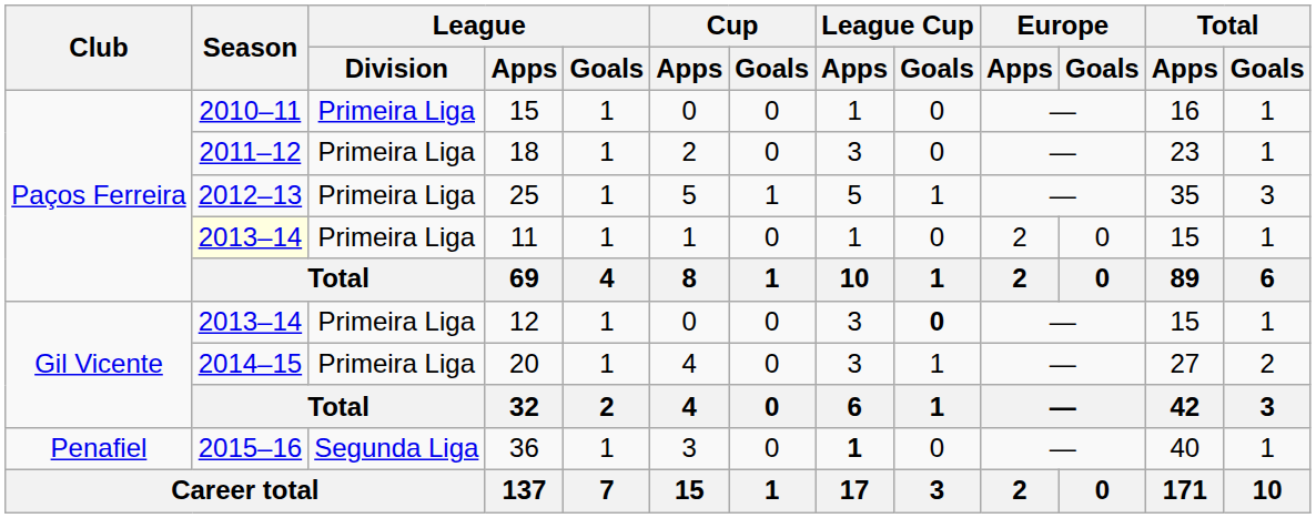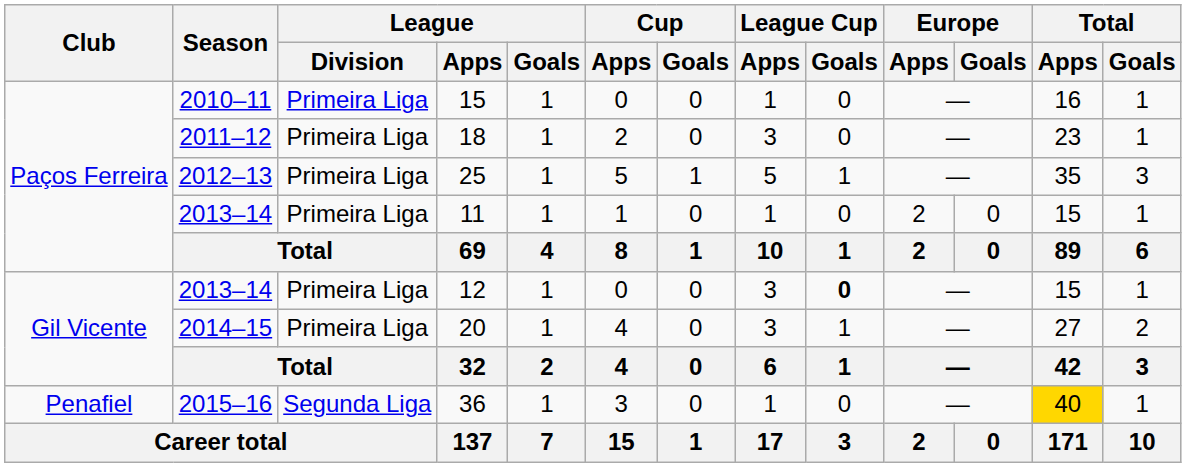 <table class="wikitable" style="text-align:center">
 <tr>
 <th rowspan="2">Club</th>
 <th rowspan="2">Season</th>
 <th colspan="3">League</th>
 <th colspan="2">Cup</th>
 <th colspan="2">League Cup</th>
 <th colspan="2">Europe</th>
 <th colspan="2">Total</th>
 </tr>
 <tr>
 <th>Division</th>
 <th>Apps</th>
 <th>Goals</th>
 <th>Apps</th>
 <th>Goals</th>
 <th>Apps</th>
 <th>Goals</th>
 <th>Apps</th>
 <th>Goals</th>
 <th>Apps</th>
 <th>Goals</th>
 </tr>
 <tr>
 <td rowspan="5"><a href='#'>Paços Ferreira</a></td>
 <td><a href='#'>2010–11</a></td>
 <td><a href='#'>Primeira Liga</a></td>
 <td>15</td>
 <td>1</td>
 <td>0</td>
 <td>0</td>
 <td>1</td>
 <td>0</td>
 <td colspan="2">—</td>
 <td>16</td>
 <td>1</td>
 </tr>
 <tr>
 <td><a href='#'>2011–12</a></td>
 <td>Primeira Liga</td>
 <td>18</td>
 <td>1</td>
 <td>2</td>
 <td>0</td>
 <td>3</td>
 <td>0</td>
 <td colspan="2">—</td>
 <td>23</td>
 <td>1</td>
 </tr>
 <tr>
 <td><a href='#'>2012–13</a></td>
 <td>Primeira Liga</td>
 <td>25</td>
 <td>1</td>
 <td>5</td>
 <td>1</td>
 <td>5</td>
 <td>1</td>
 <td colspan="2">—</td>
 <td>35</td>
 <td>3</td>
 </tr>
 <tr>
-<td style="background: lightyellow;"><a href='#'>2013–14</a></td>
+<td><a href='#'>2013–14</a></td>
 <td>Primeira Liga</td>
 <td>11</td>
 <td>1</td>
 <td>1</td>
 <td>0</td>
 <td>1</td>
 <td>0</td>
 <td>2</td>
 <td>0</td>
 <td>15</td>
 <td>1</td>
 </tr>
 <tr>
 <th colspan="2">Total</th>
 <th>69</th>
 <th>4</th>
 <th>8</th>
 <th>1</th>
 <th>10</th>
 <th>1</th>
 <th>2</th>
 <th>0</th>
 <th>89</th>
 <th>6</th>
 </tr>
 <tr>
 <td rowspan="3"><a href='#'>Gil Vicente</a></td>
 <td><a href='#'>2013–14</a></td>
 <td>Primeira Liga</td>
 <td>12</td>
 <td>1</td>
 <td>0</td>
 <td>0</td>
 <td>3</td>
 <td><strong>0</strong></td>
 <td colspan="2">—</td>
 <td>15</td>
 <td>1</td>
 </tr>
 <tr>
 <td><a href='#'>2014–15</a></td>
 <td>Primeira Liga</td>
 <td>20</td>
 <td>1</td>
 <td>4</td>
 <td>0</td>
 <td>3</td>
 <td>1</td>
 <td colspan="2">—</td>
 <td>27</td>
 <td>2</td>
 </tr>
 <tr>
 <th colspan="2">Total</th>
 <th>32</th>
 <th>2</th>
 <th>4</th>
 <th>0</th>
 <th>6</th>
 <th>1</th>
 <th colspan="2">—</th>
 <th>42</th>
 <th>3</th>
 </tr>
 <tr>
 <td><a href='#'>Penafiel</a></td>
 <td><a href='#'>2015–16</a></td>
 <td><a href='#'>Segunda Liga</a></td>
 <td>36</td>
 <td>1</td>
 <td>3</td>
 <td>0</td>
-<td><strong>1</strong></td>
+<td>1</td>
 <td>0</td>
 <td colspan="2">—</td>
-<td>40</td>
+<td style="background: gold;">40</td>
 <td>1</td>
 </tr>
 <tr>
 <th colspan="3">Career total</th>
 <th>137</th>
 <th>7</th>
 <th>15</th>
 <th>1</th>
 <th>17</th>
 <th>3</th>
 <th>2</th>
 <th>0</th>
 <th>171</th>
 <th>10</th>
 </tr>
 </table>
